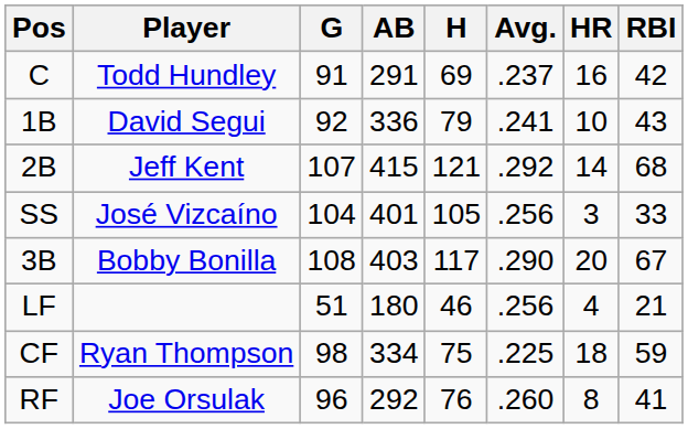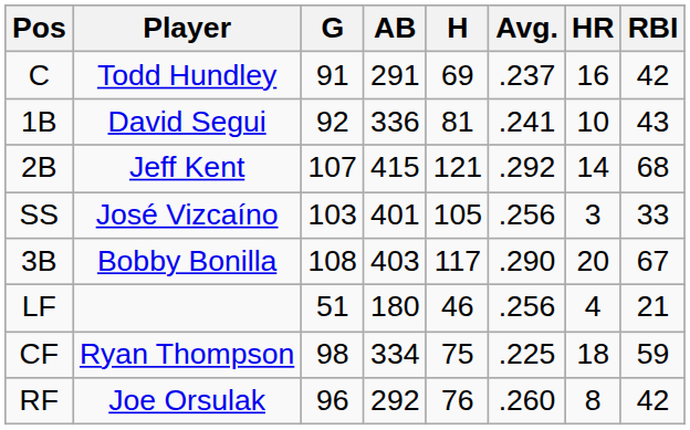 <table class="wikitable sortable">
 <tr>
 <th>Pos</th>
 <th>Player</th>
 <th>G</th>
 <th>AB</th>
 <th>H</th>
 <th>Avg.</th>
 <th>HR</th>
 <th>RBI</th>
 </tr>
 <tr align="center">
 <td>C</td>
 <td><a href='#'>Todd Hundley</a></td>
 <td>91</td>
 <td>291</td>
 <td>69</td>
 <td>.237</td>
 <td>16</td>
 <td>42</td>
 </tr>
 <tr align=center>
 <td>1B</td>
 <td><a href='#'>David Segui</a></td>
 <td>92</td>
 <td>336</td>
-<td>79</td>
+<td>81</td>
 <td>.241</td>
 <td>10</td>
 <td>43</td>
 </tr>
 <tr align=center>
 <td>2B</td>
 <td><a href='#'>Jeff Kent</a></td>
 <td>107</td>
 <td>415</td>
 <td>121</td>
 <td>.292</td>
 <td>14</td>
 <td>68</td>
 </tr>
 <tr align=center>
 <td>SS</td>
 <td><a href='#'>José Vizcaíno</a></td>
-<td>104</td>
+<td>103</td>
 <td>401</td>
 <td>105</td>
 <td>.256</td>
 <td>3</td>
 <td>33</td>
 </tr>
 <tr align=center>
 <td>3B</td>
 <td><a href='#'>Bobby Bonilla</a></td>
 <td>108</td>
 <td>403</td>
 <td>117</td>
 <td>.290</td>
 <td>20</td>
 <td>67</td>
 </tr>
 <tr align=center>
 <td>LF</td>
 <td></td>
 <td>51</td>
 <td>180</td>
 <td>46</td>
 <td>.256</td>
 <td>4</td>
 <td>21</td>
 </tr>
 <tr align="center">
 <td>CF</td>
 <td><a href='#'>Ryan Thompson</a></td>
 <td>98</td>
 <td>334</td>
 <td>75</td>
 <td>.225</td>
 <td>18</td>
 <td>59</td>
 </tr>
 <tr align=center>
 <td>RF</td>
 <td><a href='#'>Joe Orsulak</a></td>
 <td>96</td>
 <td>292</td>
 <td>76</td>
 <td>.260</td>
 <td>8</td>
-<td>41</td>
+<td>42</td>
 </tr>
 </table>
